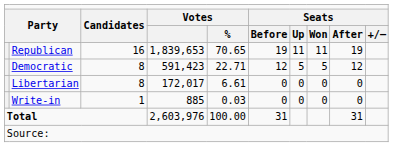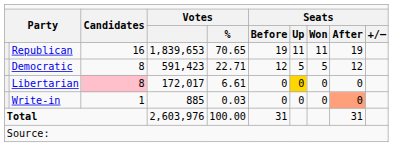 <table class="wikitable">
 <tr>
 <td colspan="15" align="center"></td>
 </tr>
 <tr>
 <th colspan="2" rowspan="2">Party</th>
 <th rowspan="2">Candidates</th>
 <th colspan="2">Votes</th>
 <th colspan="5">Seats</th>
 </tr>
 <tr>
 <th></th>
 <th>%</th>
 <th>Before</th>
 <th>Up</th>
 <th>Won</th>
 <th>After</th>
 <th>+/–</th>
 </tr>
 <tr>
 <th style="background-color:"></th>
 <td><a href='#'>Republican</a></td>
 <td align="right">16</td>
 <td align="right">1,839,653</td>
 <td align="right">70.65</td>
 <td align="right">19</td>
 <td align="right">11</td>
 <td align="right">11</td>
 <td align="right">19</td>
 <td align="right"></td>
 </tr>
 <tr>
 <th style="background-color:"></th>
 <td><a href='#'>Democratic</a></td>
 <td align="right">8</td>
 <td align="right">591,423</td>
 <td align="right">22.71</td>
 <td align="right">12</td>
 <td align="right">5</td>
 <td align="right">5</td>
 <td align="right">12</td>
 <td align="right"></td>
 </tr>
 <tr>
 <th style="background-color:"></th>
 <td><a href='#'>Libertarian</a></td>
-<td align="right">8</td>
+<td align="right" style="background: pink;">8</td>
 <td align="right">172,017</td>
 <td align="right">6.61</td>
 <td align="right">0</td>
-<td align="right">0</td>
+<td align="right" style="background: gold;">0</td>
 <td align="right">0</td>
 <td align="right">0</td>
 <td align="right"></td>
 </tr>
 <tr>
 <th style="background-color:"></th>
 <td><a href='#'>Write-in</a></td>
 <td align="right">1</td>
 <td align="right">885</td>
 <td align="right">0.03</td>
 <td align="right">0</td>
 <td align="right">0</td>
 <td align="right">0</td>
-<td align="right">0</td>
+<td align="right" style="background: lightsalmon;">0</td>
 <td align="right"></td>
 </tr>
 <tr>
 <td colspan="3" align="left"><strong>Total</strong></td>
 <td align="right">2,603,976</td>
 <td align="right">100.00</td>
 <td align="right">31</td>
 <td align="right"></td>
 <td align="right"></td>
 <td align="right">31</td>
 <td align="right"></td>
 </tr>
 <tr>
 <td colspan="10">Source:</td>
 </tr>
 </table>
